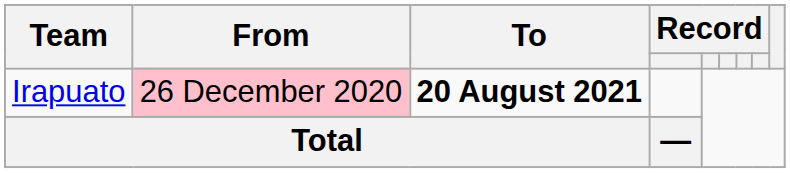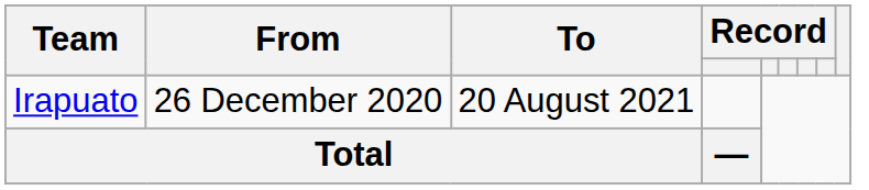 <table class=wikitable style="text-align:center">
 <tr>
 <th rowspan=2>Team</th>
 <th rowspan=2>From</th>
 <th rowspan=2>To</th>
 <th colspan=5>Record</th>
 <th rowspan=2></th>
 </tr>
 <tr>
 <th></th>
 <th></th>
 <th></th>
 <th></th>
 <th></th>
 </tr>
 <tr>
 <td align=left><a href='#'>Irapuato</a></td>
-<td align=left style="background: pink;">26 December 2020</td>
-<td align=left><strong>20 August 2021<br></strong></td>
+<td align=left>26 December 2020</td>
+<td align=left>20 August 2021<br></td>
 <td></td>
 </tr>
 <tr>
 <th colspan=3>Total<br></th>
 <th>—</th>
 </tr>
 </table>
